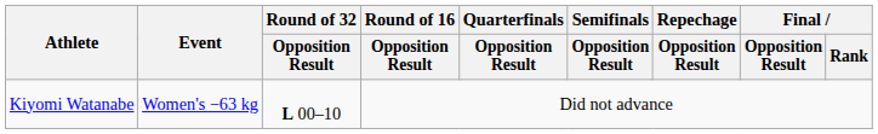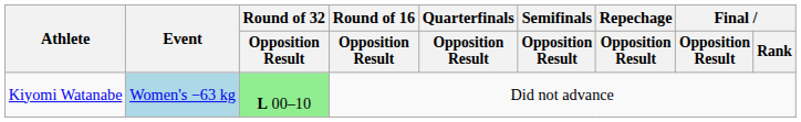 <table class="wikitable" style="font-size:90%">
 <tr>
 <th rowspan="2">Athlete</th>
 <th rowspan="2">Event</th>
 <th>Round of 32</th>
 <th>Round of 16</th>
 <th>Quarterfinals</th>
 <th>Semifinals</th>
 <th>Repechage</th>
 <th colspan=2>Final / </th>
 </tr>
 <tr style="font-size:95%">
 <th>Opposition<br>Result</th>
 <th>Opposition<br>Result</th>
 <th>Opposition<br>Result</th>
 <th>Opposition<br>Result</th>
 <th>Opposition<br>Result</th>
 <th>Opposition<br>Result</th>
 <th>Rank</th>
 </tr>
 <tr align=center>
 <td align=left><a href='#'>Kiyomi Watanabe</a></td>
-<td align=left><a href='#'>Women's −63 kg</a></td>
-<td><br><strong>L</strong> 00–10</td>
+<td align=left style="background: lightblue;"><a href='#'>Women's −63 kg</a></td>
+<td style="background: lightgreen;"><br><strong>L</strong> 00–10</td>
 <td colspan=6>Did not advance</td>
 </tr>
 </table>
